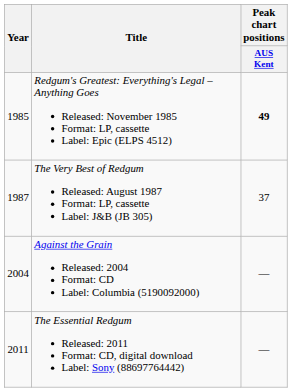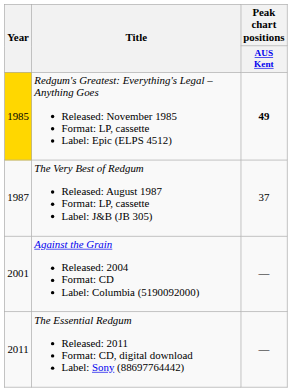 <table class="wikitable">
 <tr>
 <th rowspan="2" width="33">Year</th>
 <th rowspan="2" width="300">Title</th>
 <th colspan="1">Peak chart positions</th>
 </tr>
 <tr>
 <th style="width:3em;font-size:85%"><a href='#'>AUS<br>Kent</a><br></th>
 </tr>
 <tr>
-<td align="center">1985</td>
+<td align="center" style="background: gold;">1985</td>
 <td><em>Redgum's Greatest: Everything's Legal – Anything Goes</em><br><ul><li>Released: November 1985</li><li>Format: LP, cassette</li><li>Label: Epic (ELPS 4512)</li></ul></td>
 <td align="center"><strong>49</strong></td>
 </tr>
 <tr>
 <td align="center">1987</td>
 <td><em>The Very Best of Redgum</em><br><ul><li>Released: August 1987</li><li>Format: LP, cassette</li><li>Label: J&B (JB 305)</li></ul></td>
 <td align="center">37</td>
 </tr>
 <tr>
-<td align="center">2004</td>
+<td align="center">2001</td>
 <td><em><a href='#'>Against the Grain</a></em><br><ul><li>Released: 2004</li><li>Format: CD</li><li>Label: Columbia (5190092000)</li></ul></td>
 <td align="center">—</td>
 </tr>
 <tr>
 <td align="center">2011</td>
 <td><em>The Essential Redgum</em><br><ul><li>Released: 2011</li><li>Format: CD, digital download</li><li>Label: <a href='#'>Sony</a> (88697764442)</li></ul></td>
 <td align="center">—</td>
 </tr>
 </table>
